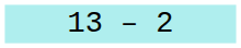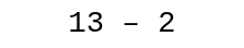 <table style="text-align:center">
 <tr>
 <th width=200></th>
 <th width=100></th>
 <th width=200></th>
 </tr>
 <tr>
 <td align=right><strong></strong></td>
-<td style="background: paleturquoise;">13 – 2</td>
+<td>13 – 2</td>
 <td align=left></td>
 </tr>
 </table>
